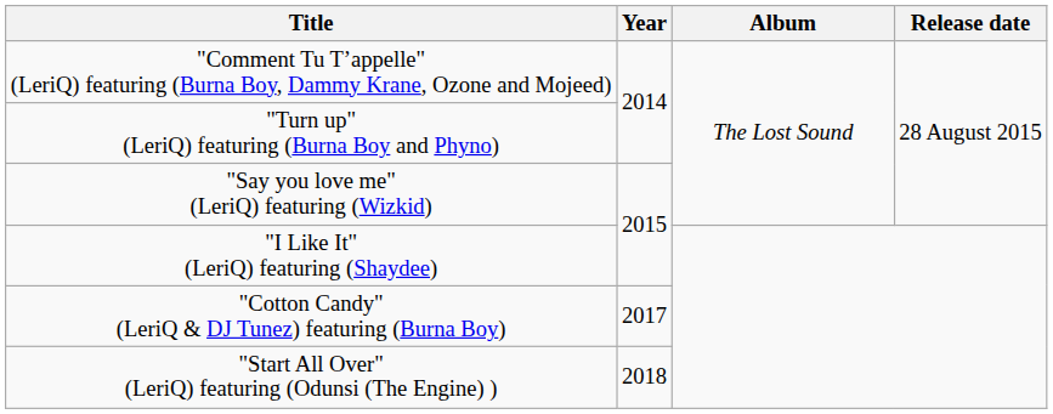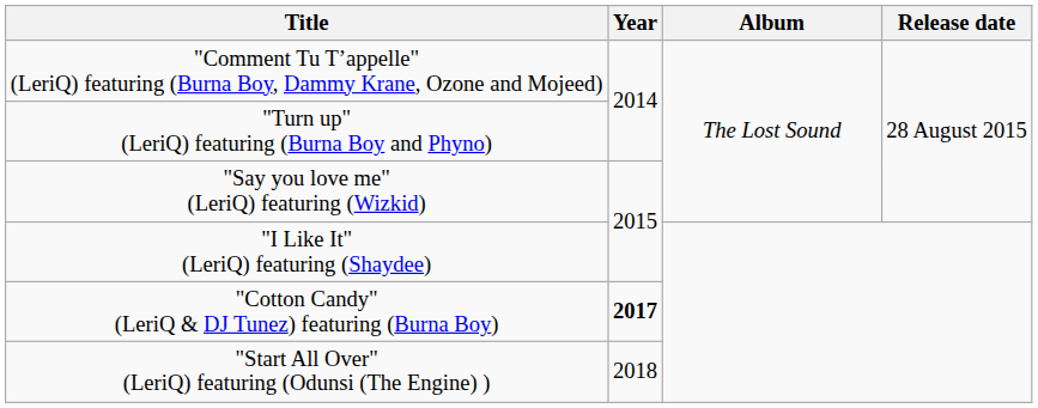 <table class="wikitable plainrowheaders" style="text-align:center;" border="1">
 <tr>
 <th>Title</th>
 <th>Year</th>
 <th width="150">Album</th>
 <th>Release date</th>
 </tr>
 <tr>
 <td>"Comment Tu T’appelle" <br><span>(LeriQ) featuring (<a href='#'>Burna Boy</a>, <a href='#'>Dammy Krane</a>, Ozone and Mojeed)</span></td>
 <td rowspan="2">2014</td>
 <td rowspan="3"><em>The Lost Sound</em></td>
 <td rowspan="3">28 August 2015</td>
 </tr>
 <tr>
 <td>"Turn up"  <br><span>(LeriQ) featuring (<a href='#'>Burna Boy</a> and <a href='#'>Phyno</a>)</span></td>
 </tr>
 <tr>
 <td>"Say you love me" <br><span>(LeriQ) featuring (<a href='#'>Wizkid</a>)</span></td>
 <td rowspan="2">2015</td>
 </tr>
 <tr>
 <td>"I Like It" <br><span>(LeriQ) featuring (<a href='#'>Shaydee</a>)</span></td>
 </tr>
 <tr>
 <td>"Cotton Candy" <br><span>(LeriQ & <a href='#'>DJ Tunez</a>) featuring (<a href='#'>Burna Boy</a>)</span></td>
-<td>2017</td>
+<td><strong>2017</strong></td>
 </tr>
 <tr>
 <td>"Start All Over" <br><span>(LeriQ) featuring (Odunsi (The Engine) )</span></td>
 <td>2018</td>
 </tr>
 </table>
